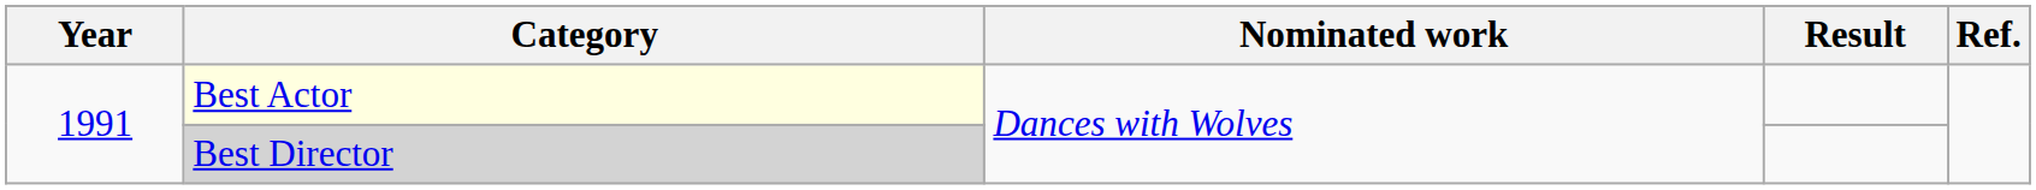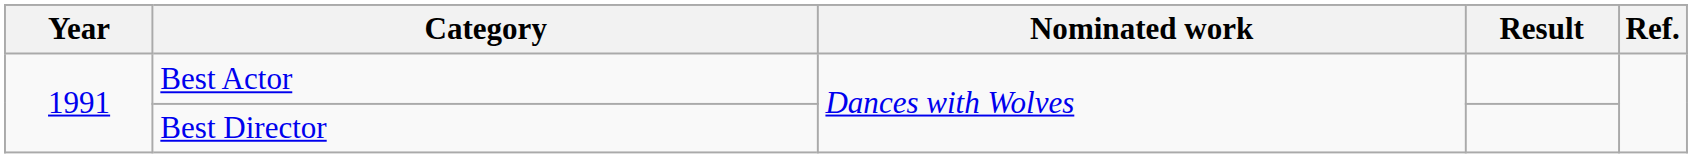 <table class=wikitable>
 <tr>
 <th scope="col" style="width:5em;">Year</th>
 <th scope="col" style="width:26em;">Category</th>
 <th scope="col" style="width:25em;">Nominated work</th>
 <th scope="col" style="width:5em;">Result</th>
 <th>Ref.</th>
 </tr>
 <tr>
 <td style="text-align:center;", rowspan="2"><a href='#'>1991</a></td>
-<td style="background: lightyellow;"><a href='#'>Best Actor</a></td>
+<td><a href='#'>Best Actor</a></td>
 <td rowspan="2"><em><a href='#'>Dances with Wolves</a></em></td>
 <td></td>
 <td rowspan="2"></td>
 </tr>
 <tr>
-<td style="background: lightgrey;"><a href='#'>Best Director</a></td>
+<td><a href='#'>Best Director</a></td>
 <td></td>
 </tr>
 </table>
